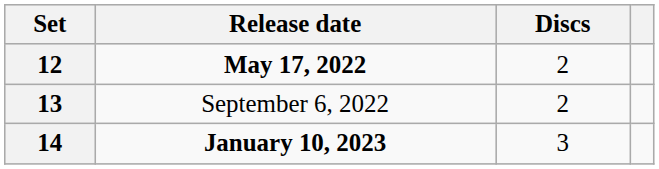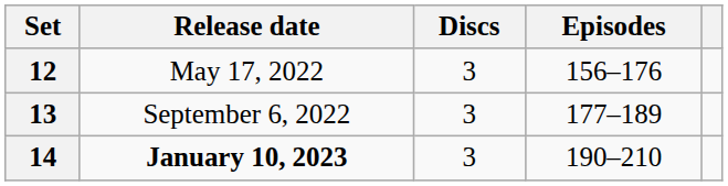 <table class="wikitable" style="text-align: center; width: 21%;">
 <tr>
 <th scope="col" 175px;>Set</th>
 <th scope="col" 125px;>Release date</th>
 <th scope="col">Discs</th>
+<th scope="col">Episodes</th>
 <th scope="col"></th>
 </tr>
 <tr>
 <th scope="row">12</th>
-<td><strong>May 17, 2022</strong></td>
-<td>2</td>
+<td>May 17, 2022</td>
+<td>3</td>
+<td>156–176</td>
 <td></td>
 </tr>
 <tr>
 <th scope="row">13</th>
 <td>September 6, 2022</td>
-<td>2</td>
+<td>3</td>
+<td>177–189</td>
 <td></td>
 </tr>
 <tr>
 <th scope="row">14</th>
 <td><strong>January 10, 2023</strong></td>
 <td>3</td>
+<td>190–210</td>
 <td></td>
 </tr>
 </table>
